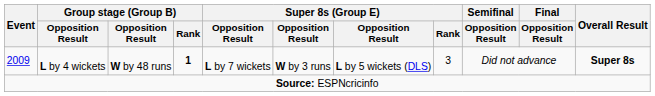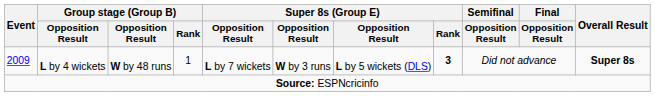 <table class=wikitable style=font-size:90%;text-align:center>
 <tr>
 <th rowspan=2>Event</th>
 <th colspan=3>Group stage (Group B)</th>
 <th colspan=4>Super 8s (Group E)</th>
 <th>Semifinal</th>
 <th>Final</th>
 <th rowspan=2>Overall Result</th>
 </tr>
 <tr style=font-size:95%>
 <th>Opposition<br>Result</th>
 <th>Opposition<br>Result</th>
 <th>Rank</th>
 <th>Opposition<br>Result</th>
 <th>Opposition<br>Result</th>
 <th>Opposition<br>Result</th>
 <th>Rank</th>
 <th>Opposition<br>Result</th>
 <th>Opposition<br>Result</th>
 </tr>
 <tr>
 <td align=left><a href='#'>2009</a></td>
 <td><br><strong>L</strong> by 4 wickets</td>
 <td><br><strong>W</strong> by 48 runs</td>
-<td><strong>1</strong></td>
+<td>1</td>
 <td><br><strong>L</strong> by 7 wickets</td>
 <td><br><strong>W</strong> by 3 runs</td>
 <td><br><strong>L</strong> by 5 wickets (<a href='#'>DLS</a>)</td>
-<td>3</td>
+<td><strong>3</strong></td>
 <td colspan="2"><em>Did not advance</em></td>
 <td><strong>Super 8s</strong></td>
 </tr>
 <tr>
 <td colspan="11"><strong>Source:</strong> ESPNcricinfo</td>
 </tr>
 </table>
